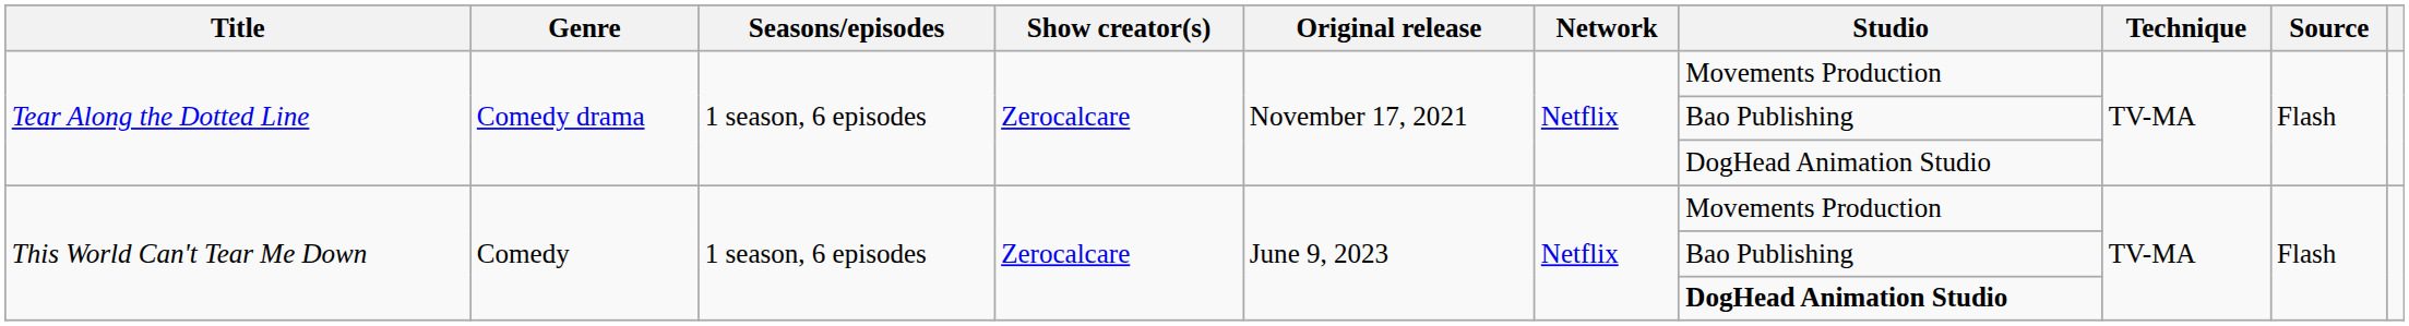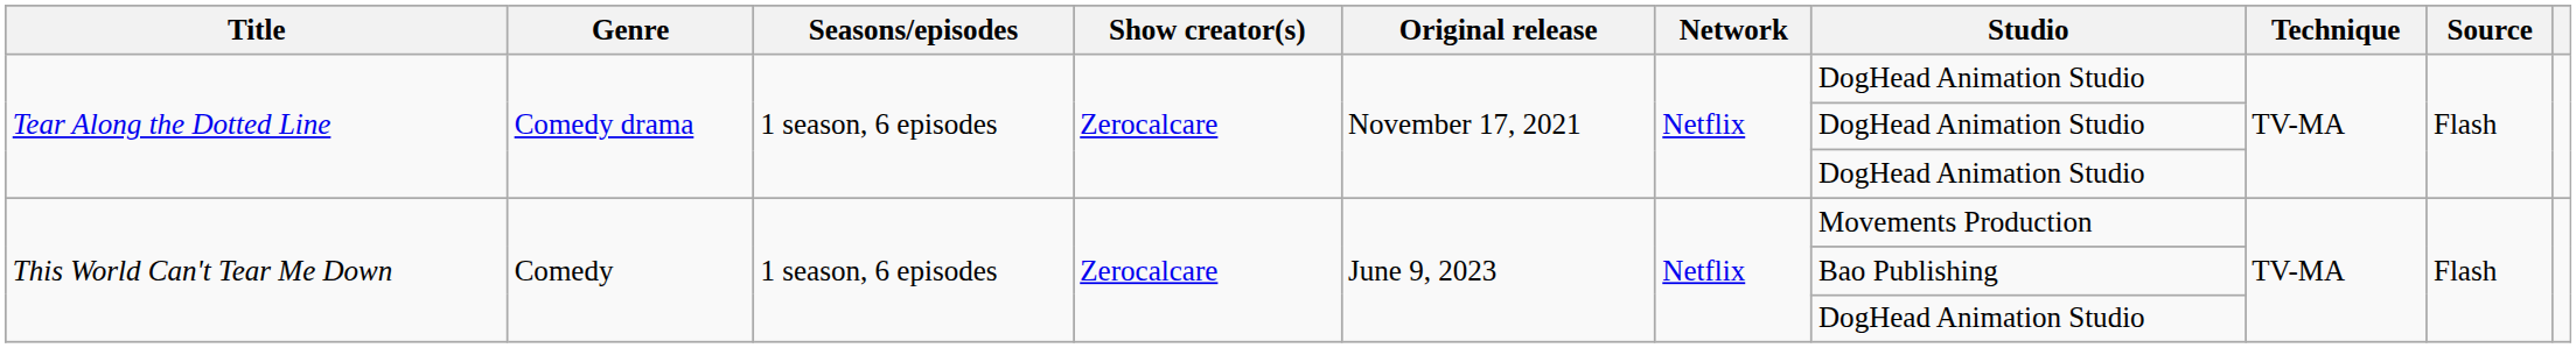 <table class="wikitable sortable" style="text-align: left; font-size:90%; width:100%;">
 <tr>
 <th scope="col">Title</th>
 <th scope="col">Genre</th>
 <th scope="col">Seasons/episodes</th>
 <th scope="col">Show creator(s)</th>
 <th scope="col">Original release</th>
 <th scope="col">Network</th>
 <th scope="col">Studio</th>
 <th scope="col">Technique</th>
 <th scope="col">Source</th>
 <th></th>
 </tr>
 <tr>
 <td rowspan="3"><em><a href='#'>Tear Along the Dotted Line</a></em></td>
 <td rowspan="3"><a href='#'>Comedy drama</a></td>
 <td rowspan="3">1 season, 6 episodes</td>
 <td rowspan="3"><a href='#'>Zerocalcare</a></td>
 <td rowspan="3">November 17, 2021</td>
 <td rowspan="3"><a href='#'>Netflix</a></td>
-<td>Movements Production</td>
+<td>DogHead Animation Studio</td>
 <td rowspan="3">TV-MA</td>
 <td rowspan="3">Flash</td>
 <td rowspan="3"></td>
 </tr>
 <tr>
-<td>Bao Publishing</td>
+<td>DogHead Animation Studio</td>
 </tr>
 <tr>
 <td>DogHead Animation Studio</td>
 </tr>
 <tr>
 <td rowspan="3"><em>This World Can't Tear Me Down</em></td>
 <td rowspan="3">Comedy</td>
 <td rowspan="3">1 season, 6 episodes</td>
 <td rowspan="3"><a href='#'>Zerocalcare</a></td>
 <td rowspan="3">June 9, 2023</td>
 <td rowspan="3"><a href='#'>Netflix</a></td>
 <td>Movements Production</td>
 <td rowspan="3">TV-MA</td>
 <td rowspan="3">Flash</td>
 <td rowspan="3"></td>
 </tr>
 <tr>
 <td>Bao Publishing</td>
 </tr>
 <tr>
-<td><strong>DogHead Animation Studio</strong></td>
+<td>DogHead Animation Studio</td>
 </tr>
 </table>
